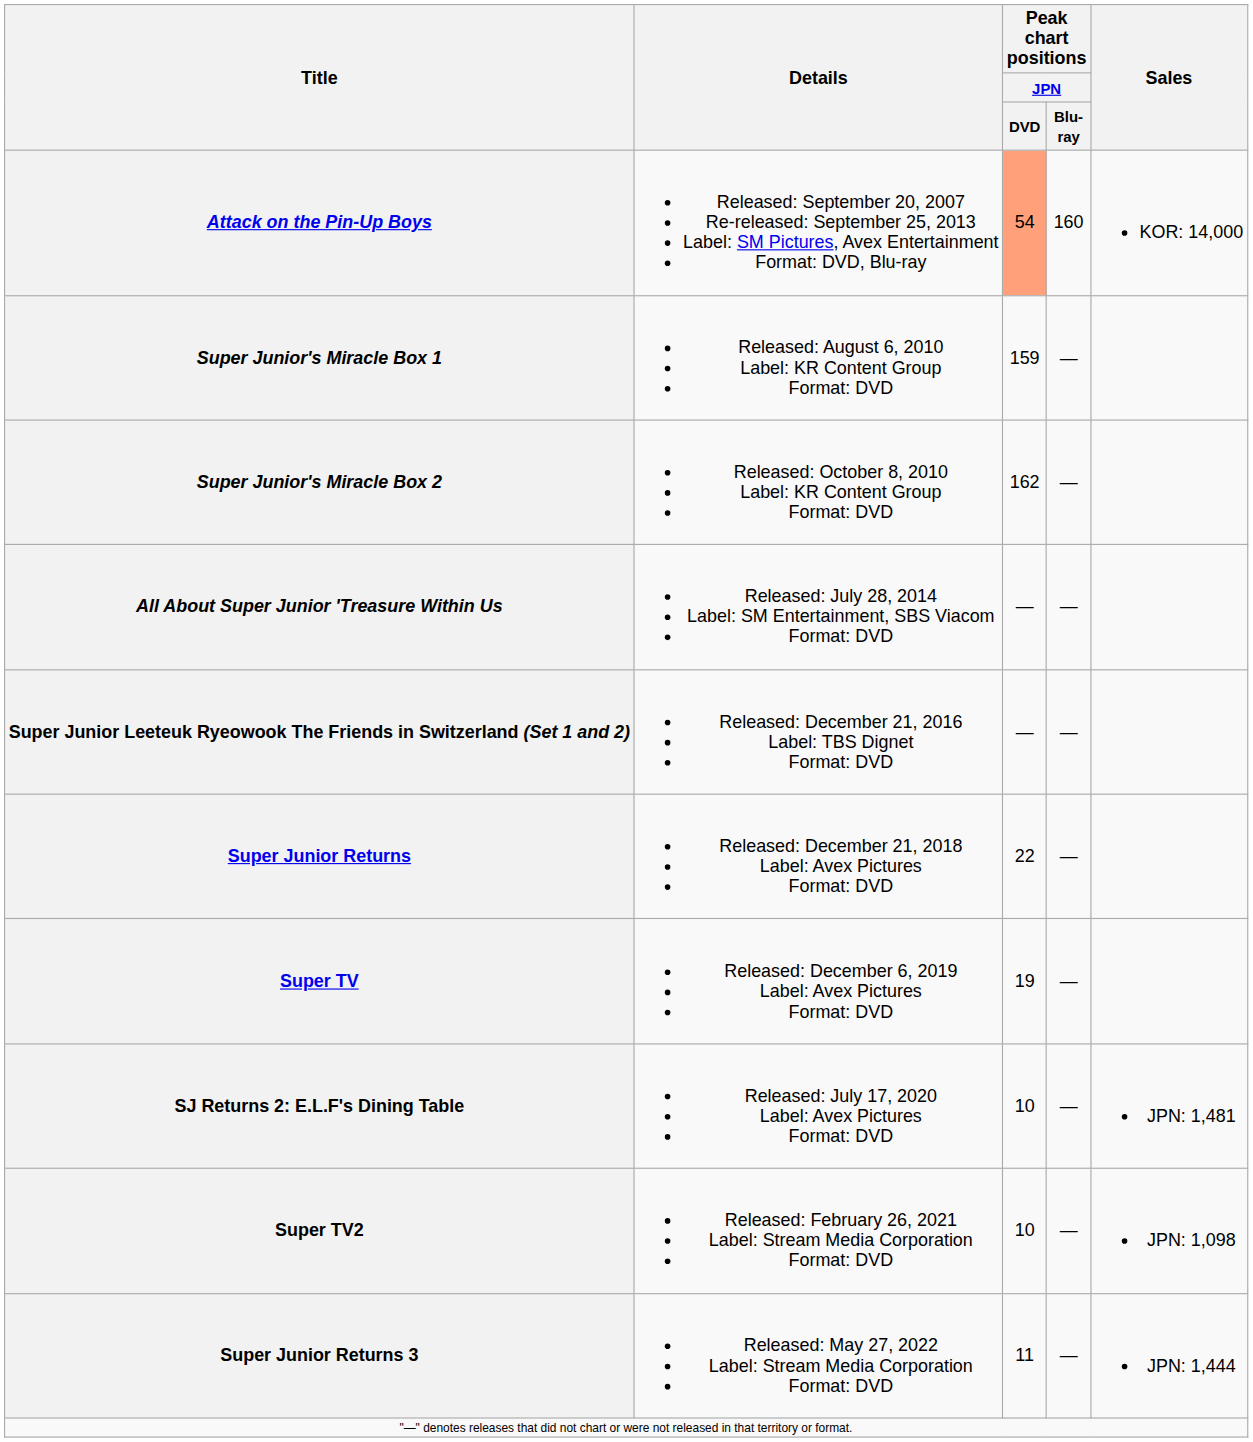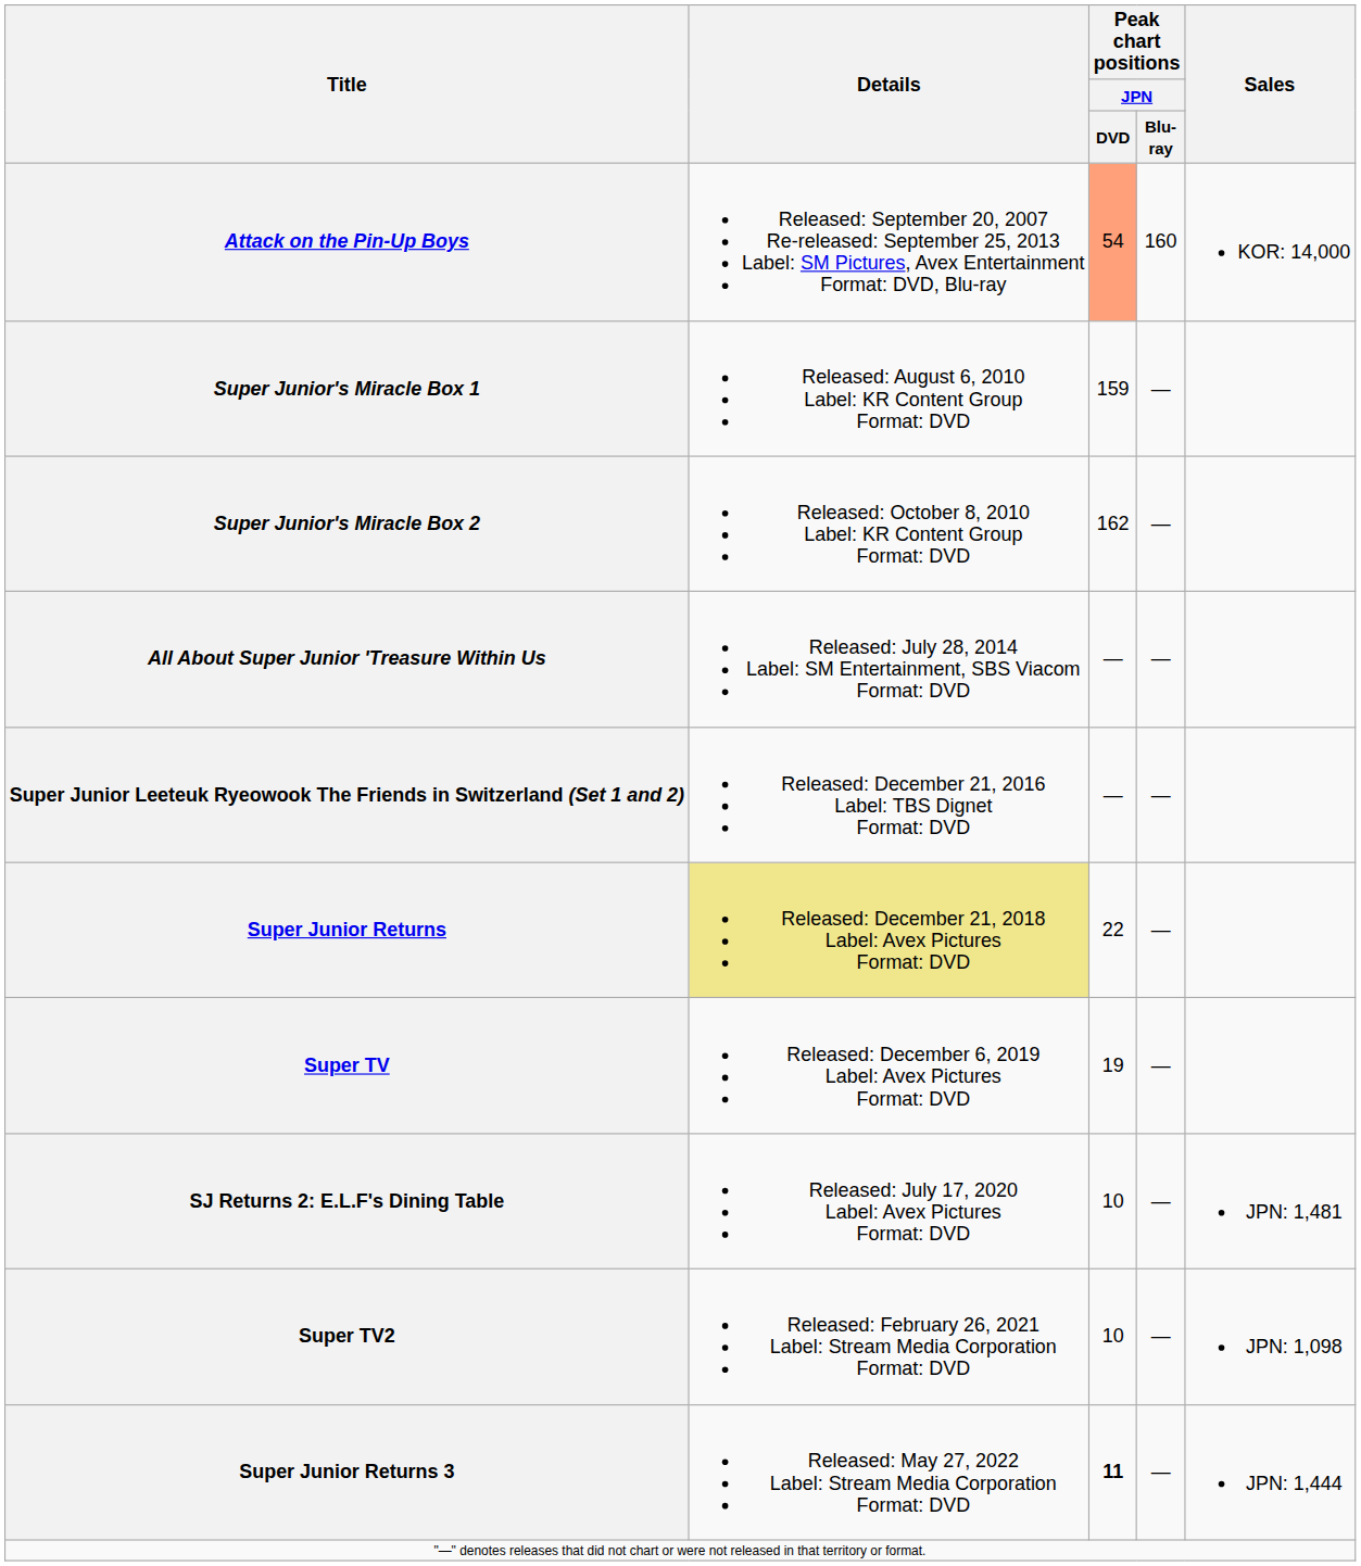 <table class="wikitable plainrowheaders" style="text-align:center;">
 <tr>
 <th scope="col" rowspan="3">Title</th>
 <th scope="col" rowspan="3">Details</th>
 <th scope="col" colspan="2">Peak chart positions</th>
 <th scope="col" rowspan="3">Sales</th>
 </tr>
 <tr>
 <th width="60" colspan="2"><small><a href='#'>JPN</a></small></th>
 </tr>
 <tr>
 <th width="30"><small>DVD</small></th>
 <th width="30"><small>Blu-ray</small></th>
 </tr>
 <tr>
 <th scope="row"><em><a href='#'>Attack on the Pin-Up Boys</a></em></th>
 <td><br><ul><li>Released: September 20, 2007</li><li>Re-released: September 25, 2013</li><li>Label: <a href='#'>SM Pictures</a>, Avex Entertainment</li><li>Format: DVD, Blu-ray</li></ul></td>
 <td style="background: lightsalmon;">54</td>
 <td>160</td>
 <td><br><ul><li>KOR: 14,000</li></ul></td>
 </tr>
 <tr>
 <th scope="row"><em>Super Junior's Miracle Box 1</em></th>
 <td><br><ul><li>Released: August 6, 2010</li><li>Label: KR Content Group</li><li>Format: DVD</li></ul></td>
 <td>159</td>
 <td>—</td>
 <td></td>
 </tr>
 <tr>
 <th scope="row"><em>Super Junior's Miracle Box 2</em></th>
 <td><br><ul><li>Released: October 8, 2010</li><li>Label: KR Content Group</li><li>Format: DVD</li></ul></td>
 <td>162</td>
 <td>—</td>
 <td></td>
 </tr>
 <tr>
 <th scope="row"><em>All About Super Junior 'Treasure Within Us<strong></th>
 <td><br><ul><li>Released: July 28, 2014</li><li>Label: SM Entertainment, SBS Viacom</li><li>Format: DVD</li></ul></td>
 <td>—</td>
 <td>—</td>
 <td></td>
 </tr>
 <tr>
 <th scope="row"></em>Super Junior Leeteuk Ryeowook The Friends in Switzerland<em> (Set 1 and 2)</th>
 <td><br><ul><li>Released: December 21, 2016</li><li>Label: TBS Dignet</li><li>Format: DVD</li></ul></td>
 <td>—</td>
 <td>—</td>
 <td></td>
 </tr>
 <tr>
 <th scope="row"></em><a href='#'>Super Junior Returns</a><em></th>
-<td><br><ul><li>Released: December 21, 2018</li><li>Label: Avex Pictures</li><li>Format: DVD</li></ul></td>
+<td style="background: khaki;"><br><ul><li>Released: December 21, 2018</li><li>Label: Avex Pictures</li><li>Format: DVD</li></ul></td>
 <td>22</td>
 <td>—</td>
 <td></td>
 </tr>
 <tr>
 <th scope="row"></em><a href='#'>Super TV</a><em></th>
 <td><br><ul><li>Released: December 6, 2019</li><li>Label: Avex Pictures</li><li>Format: DVD</li></ul></td>
 <td>19</td>
 <td>—</td>
 <td></td>
 </tr>
 <tr>
 <th scope="row"></em>SJ Returns 2: E.L.F's Dining Table<em></th>
 <td><br><ul><li>Released: July 17, 2020</li><li>Label: Avex Pictures</li><li>Format: DVD</li></ul></td>
 <td>10</td>
 <td>—</td>
 <td><br><ul><li>JPN: 1,481</li></ul></td>
 </tr>
 <tr>
 <th scope="row"></em>Super TV2<em></th>
 <td><br><ul><li>Released: February 26, 2021</li><li>Label: Stream Media Corporation</li><li>Format: DVD</li></ul></td>
 <td>10</td>
 <td>—</td>
 <td><br><ul><li>JPN: 1,098</li></ul></td>
 </tr>
 <tr>
 <th scope="row"></em>Super Junior Returns 3<em></th>
 <td><br><ul><li>Released: May 27, 2022</li><li>Label: Stream Media Corporation</li><li>Format: DVD</li></ul></td>
-<td>11</td>
+<td><strong>11</strong></td>
 <td>—</td>
 <td><br><ul><li>JPN: 1,444</li></ul></td>
 </tr>
 <tr>
 <td colspan="5" style="text-align:center; font-size:8pt;">"—" denotes releases that did not chart or were not released in that territory or format.</td>
 </tr>
 </table>
